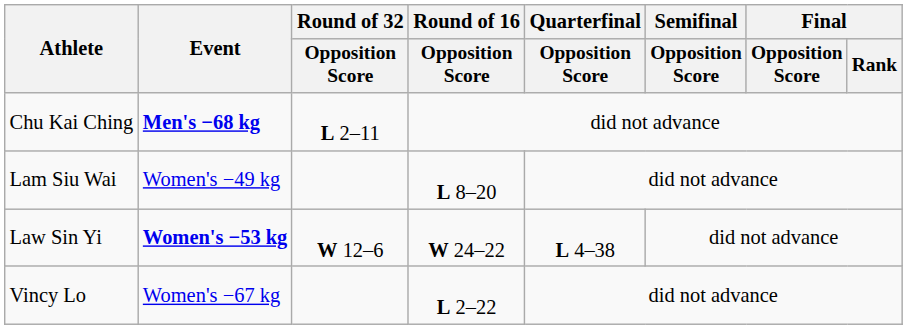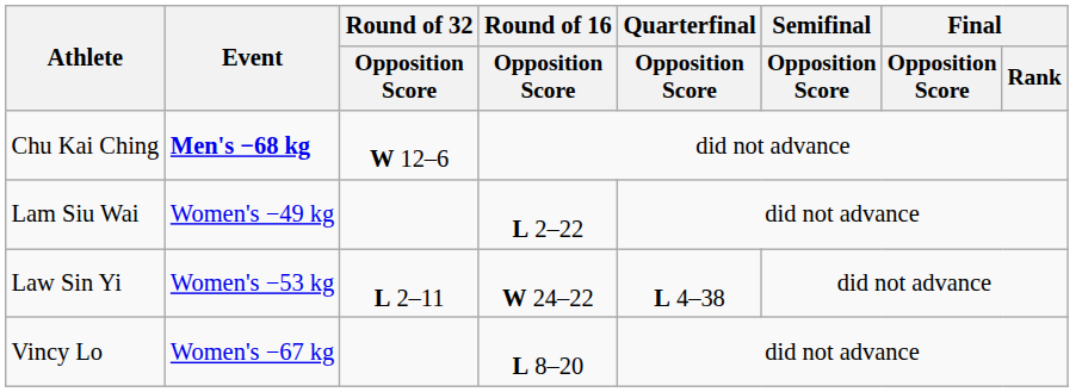 <table class=wikitable style=font-size:90%;text-align:center>
 <tr>
 <th rowspan=2>Athlete</th>
 <th rowspan=2>Event</th>
 <th>Round of 32</th>
 <th>Round of 16</th>
 <th>Quarterfinal</th>
 <th>Semifinal</th>
 <th colspan=2>Final</th>
 </tr>
 <tr style=font-size:95%>
 <th>Opposition<br>Score</th>
 <th>Opposition<br>Score</th>
 <th>Opposition<br>Score</th>
 <th>Opposition<br>Score</th>
 <th>Opposition<br>Score</th>
 <th>Rank</th>
 </tr>
 <tr>
 <td align=left>Chu Kai Ching</td>
 <td align=left><strong><a href='#'>Men's −68 kg</a></strong></td>
-<td><br><strong>L</strong> 2–11</td>
+<td><br><strong>W</strong> 12–6</td>
 <td align=center colspan=5>did not advance</td>
 </tr>
 <tr>
 <td align=left>Lam Siu Wai</td>
 <td align=left><a href='#'>Women's −49 kg</a></td>
 <td></td>
-<td><br><strong>L</strong> 8–20</td>
+<td><br><strong>L</strong> 2–22</td>
 <td align=center colspan=4>did not advance</td>
 </tr>
 <tr>
 <td align=left>Law Sin Yi</td>
-<td align=left><strong><a href='#'>Women's −53 kg</a></strong></td>
-<td><br><strong>W</strong> 12–6</td>
+<td align=left><a href='#'>Women's −53 kg</a></td>
+<td><br><strong>L</strong> 2–11</td>
 <td><br><strong>W</strong> 24–22</td>
 <td><br><strong>L</strong> 4–38</td>
 <td align=center colspan=3>did not advance</td>
 </tr>
 <tr>
 <td align=left>Vincy Lo</td>
 <td align=left><a href='#'>Women's −67 kg</a></td>
 <td></td>
-<td><br><strong>L</strong> 2–22</td>
+<td><br><strong>L</strong> 8–20</td>
 <td align=center colspan=4>did not advance</td>
 </tr>
 </table>
